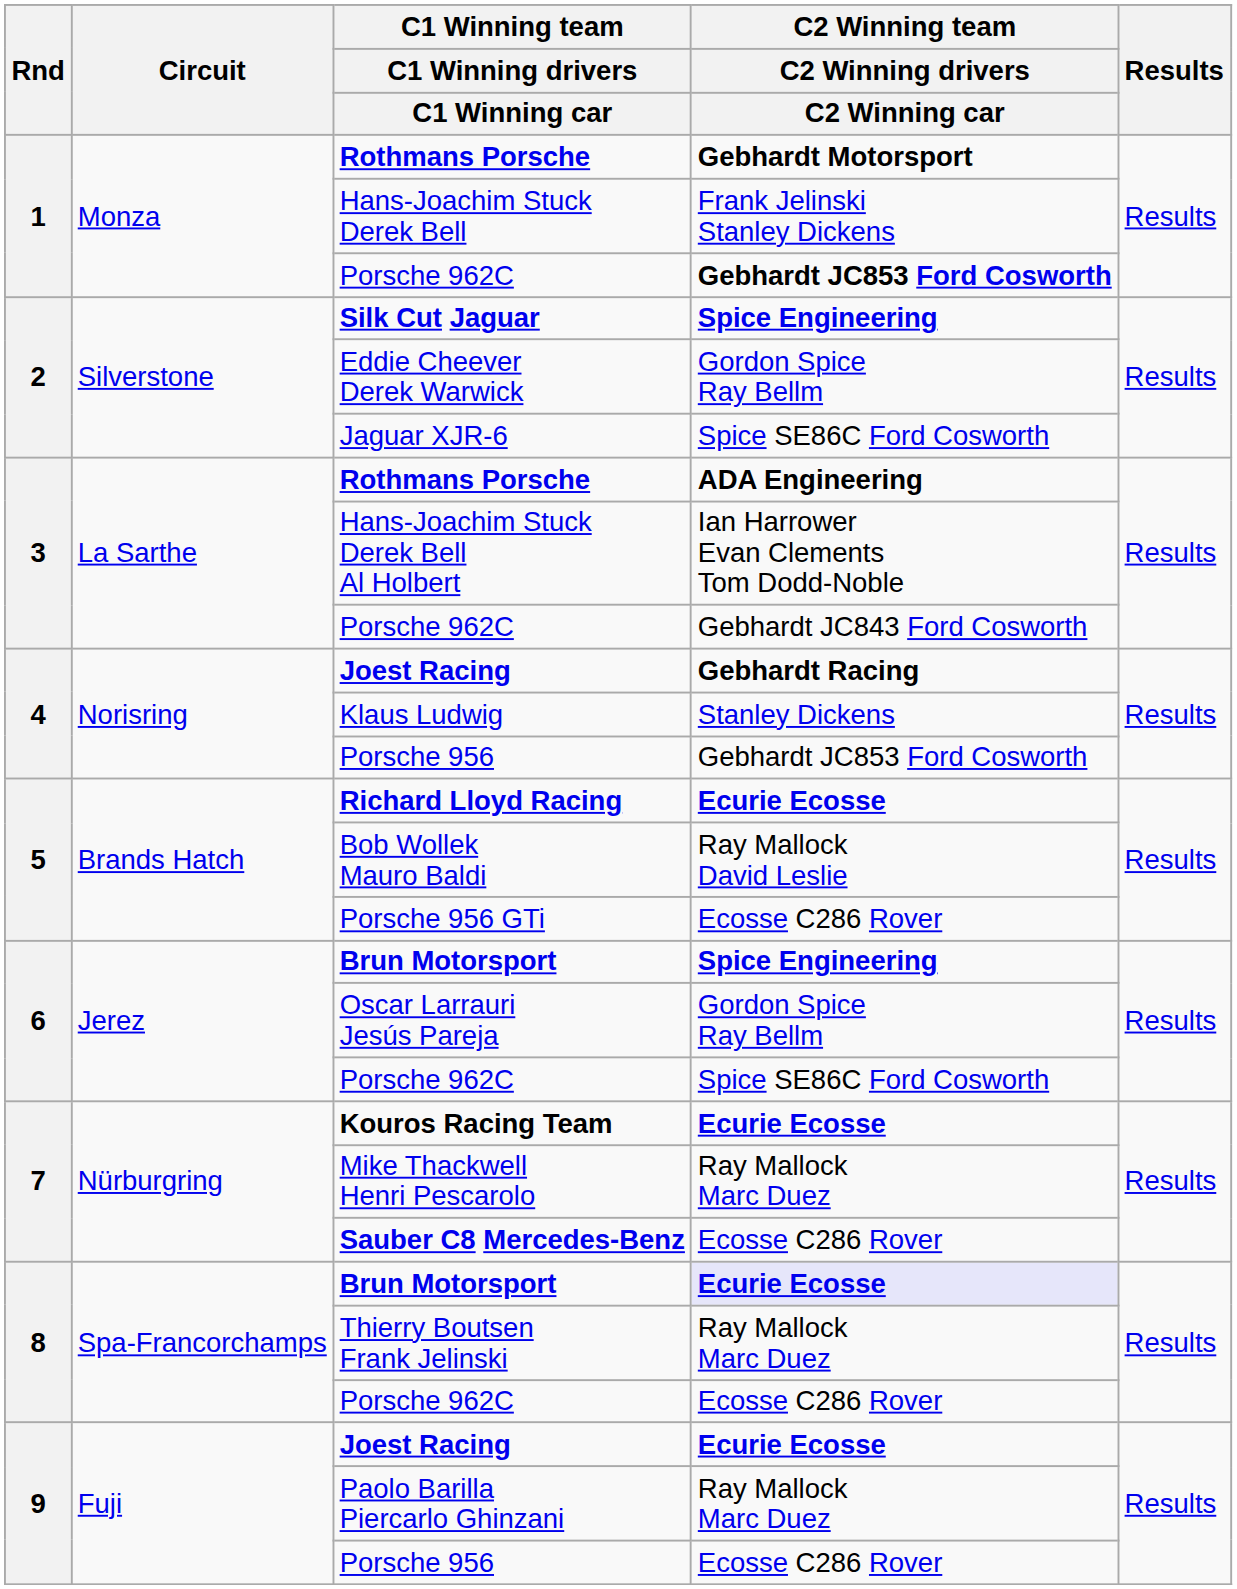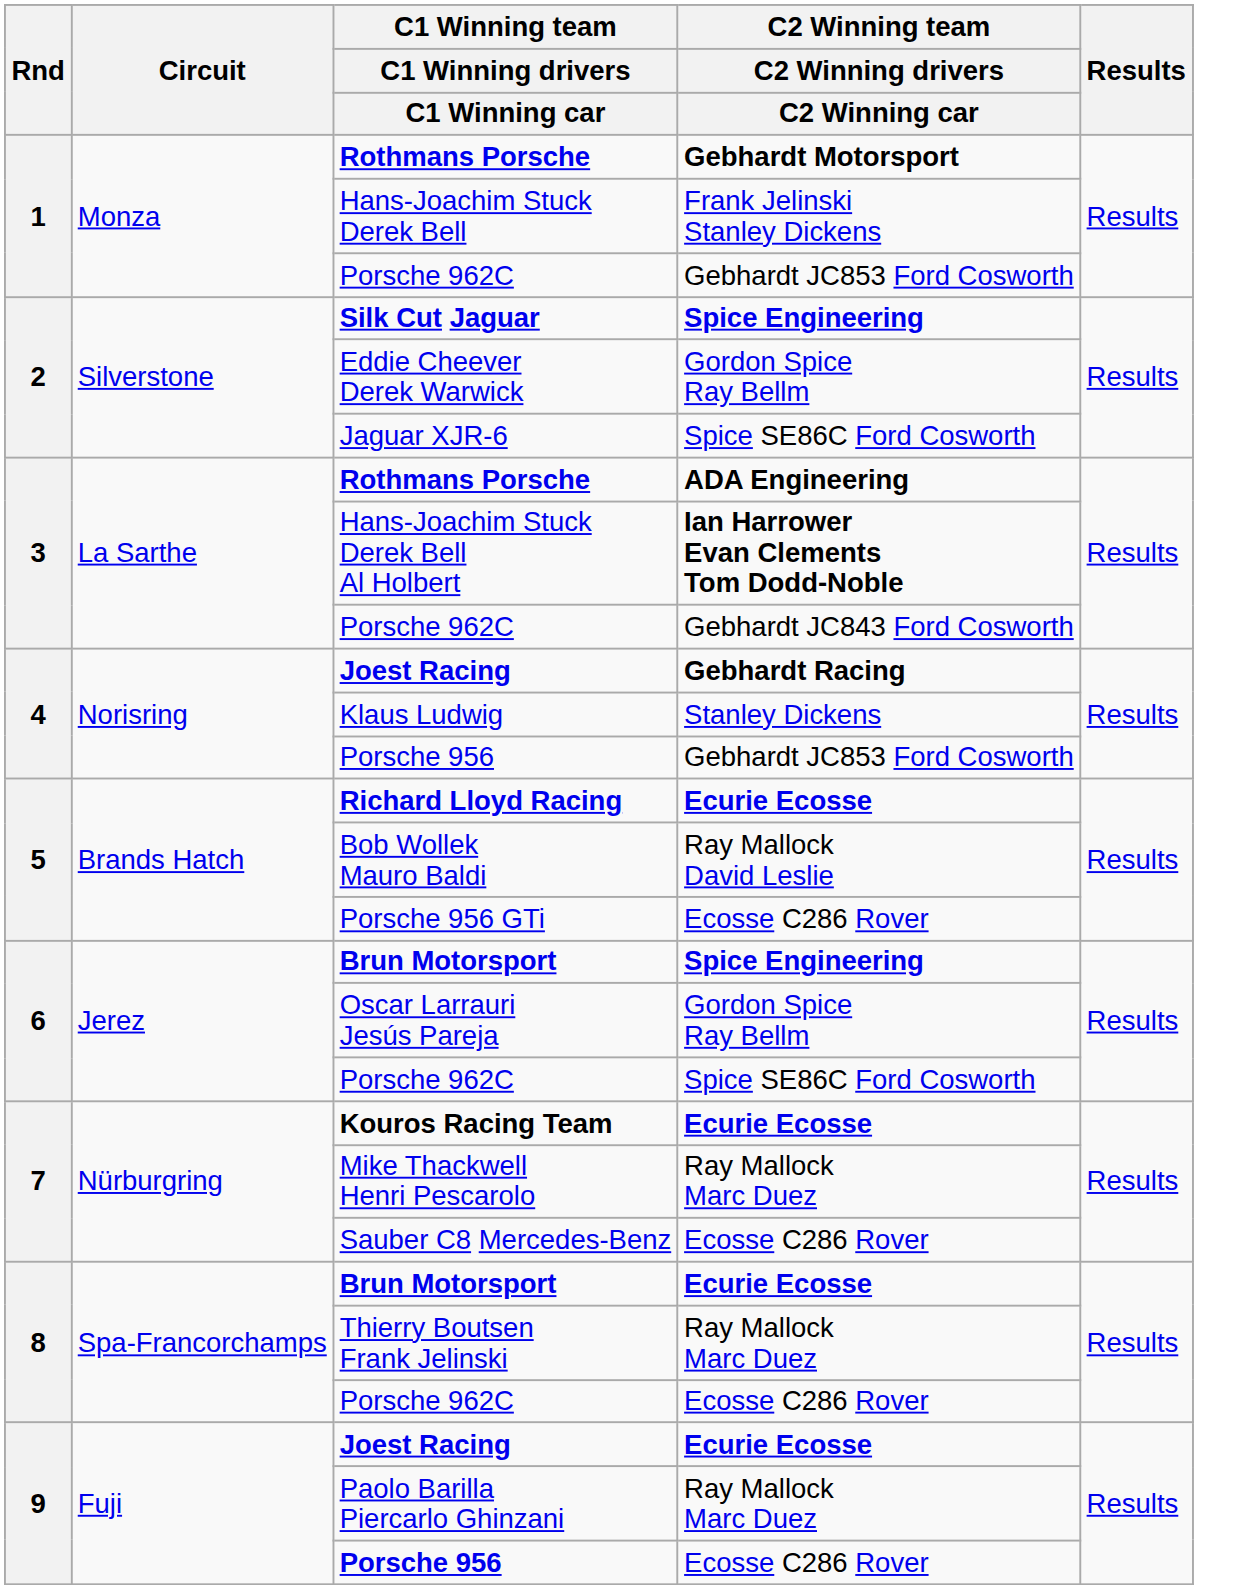 <table class="wikitable" style="font-size: 90%;">
 <tr>
 <th rowspan=3>Rnd</th>
 <th rowspan=3>Circuit</th>
 <th>C1 Winning team</th>
 <th>C2 Winning team</th>
 <th rowspan=3>Results</th>
 </tr>
 <tr>
 <th>C1 Winning drivers</th>
 <th>C2 Winning drivers</th>
 </tr>
 <tr>
 <th>C1 Winning car</th>
 <th>C2 Winning car</th>
 </tr>
 <tr>
 <th rowspan=3>1</th>
 <td rowspan=3><a href='#'>Monza</a></td>
 <td><strong> <a href='#'>Rothmans Porsche</a></strong></td>
 <td><strong> Gebhardt Motorsport</strong></td>
 <td rowspan=3><a href='#'>Results</a></td>
 </tr>
 <tr>
 <td> <a href='#'>Hans-Joachim Stuck</a><br> <a href='#'>Derek Bell</a></td>
 <td> <a href='#'>Frank Jelinski</a><br> <a href='#'>Stanley Dickens</a></td>
 </tr>
 <tr>
 <td><a href='#'>Porsche 962C</a></td>
-<td><strong>Gebhardt JC853 <a href='#'>Ford Cosworth</a></strong></td>
+<td>Gebhardt JC853 <a href='#'>Ford Cosworth</a></td>
 </tr>
 <tr>
 <th rowspan=3>2</th>
 <td rowspan=3><a href='#'>Silverstone</a></td>
 <td><strong> <a href='#'>Silk Cut</a> <a href='#'>Jaguar</a></strong></td>
 <td><strong> <a href='#'>Spice Engineering</a></strong></td>
 <td rowspan=3><a href='#'>Results</a></td>
 </tr>
 <tr>
 <td> <a href='#'>Eddie Cheever</a><br> <a href='#'>Derek Warwick</a></td>
 <td> <a href='#'>Gordon Spice</a><br> <a href='#'>Ray Bellm</a></td>
 </tr>
 <tr>
 <td><a href='#'>Jaguar XJR-6</a></td>
 <td><a href='#'>Spice</a> SE86C <a href='#'>Ford Cosworth</a></td>
 </tr>
 <tr>
 <th rowspan=3>3</th>
 <td rowspan=3><a href='#'>La Sarthe</a></td>
 <td><strong> <a href='#'>Rothmans Porsche</a></strong></td>
 <td><strong> ADA Engineering</strong></td>
 <td rowspan=3><a href='#'>Results</a></td>
 </tr>
 <tr>
 <td> <a href='#'>Hans-Joachim Stuck</a><br> <a href='#'>Derek Bell</a><br> <a href='#'>Al Holbert</a></td>
-<td> Ian Harrower<br> Evan Clements<br> Tom Dodd-Noble</td>
+<td><strong> Ian Harrower<br> Evan Clements<br> Tom Dodd-Noble</strong></td>
 </tr>
 <tr>
 <td><a href='#'>Porsche 962C</a></td>
 <td>Gebhardt JC843 <a href='#'>Ford Cosworth</a></td>
 </tr>
 <tr>
 <th rowspan=3>4</th>
 <td rowspan=3><a href='#'>Norisring</a></td>
 <td><strong> <a href='#'>Joest Racing</a></strong></td>
 <td><strong> Gebhardt Racing</strong></td>
 <td rowspan=3><a href='#'>Results</a></td>
 </tr>
 <tr>
 <td> <a href='#'>Klaus Ludwig</a></td>
 <td> <a href='#'>Stanley Dickens</a></td>
 </tr>
 <tr>
 <td><a href='#'>Porsche 956</a></td>
 <td>Gebhardt JC853 <a href='#'>Ford Cosworth</a></td>
 </tr>
 <tr>
 <th rowspan=3>5</th>
 <td rowspan=3><a href='#'>Brands Hatch</a></td>
 <td><strong> <a href='#'>Richard Lloyd Racing</a></strong></td>
 <td><strong> <a href='#'>Ecurie Ecosse</a></strong></td>
 <td rowspan=3><a href='#'>Results</a></td>
 </tr>
 <tr>
 <td> <a href='#'>Bob Wollek</a><br> <a href='#'>Mauro Baldi</a></td>
 <td> Ray Mallock<br> <a href='#'>David Leslie</a></td>
 </tr>
 <tr>
 <td><a href='#'>Porsche 956 GTi</a></td>
 <td><a href='#'>Ecosse</a> C286 <a href='#'>Rover</a></td>
 </tr>
 <tr>
 <th rowspan=3>6</th>
 <td rowspan=3><a href='#'>Jerez</a></td>
 <td><strong> <a href='#'>Brun Motorsport</a></strong></td>
 <td><strong> <a href='#'>Spice Engineering</a></strong></td>
 <td rowspan=3><a href='#'>Results</a></td>
 </tr>
 <tr>
 <td> <a href='#'>Oscar Larrauri</a><br> <a href='#'>Jesús Pareja</a></td>
 <td> <a href='#'>Gordon Spice</a><br> <a href='#'>Ray Bellm</a></td>
 </tr>
 <tr>
 <td><a href='#'>Porsche 962C</a></td>
 <td><a href='#'>Spice</a> SE86C <a href='#'>Ford Cosworth</a></td>
 </tr>
 <tr>
 <th rowspan=3>7</th>
 <td rowspan=3><a href='#'>Nürburgring</a></td>
 <td><strong> Kouros Racing Team</strong></td>
 <td><strong> <a href='#'>Ecurie Ecosse</a></strong></td>
 <td rowspan=3><a href='#'>Results</a></td>
 </tr>
 <tr>
 <td> <a href='#'>Mike Thackwell</a><br> <a href='#'>Henri Pescarolo</a></td>
 <td> Ray Mallock<br> <a href='#'>Marc Duez</a></td>
 </tr>
 <tr>
-<td><strong><a href='#'>Sauber C8</a> <a href='#'>Mercedes-Benz</a></strong></td>
+<td><a href='#'>Sauber C8</a> <a href='#'>Mercedes-Benz</a></td>
 <td><a href='#'>Ecosse</a> C286 <a href='#'>Rover</a></td>
 </tr>
 <tr>
 <th rowspan=3>8</th>
 <td rowspan=3><a href='#'>Spa-Francorchamps</a></td>
 <td><strong> <a href='#'>Brun Motorsport</a></strong></td>
-<td style="background: lavender;"><strong> <a href='#'>Ecurie Ecosse</a></strong></td>
+<td><strong> <a href='#'>Ecurie Ecosse</a></strong></td>
 <td rowspan=3><a href='#'>Results</a></td>
 </tr>
 <tr>
 <td> <a href='#'>Thierry Boutsen</a><br> <a href='#'>Frank Jelinski</a></td>
 <td> Ray Mallock<br> <a href='#'>Marc Duez</a></td>
 </tr>
 <tr>
 <td><a href='#'>Porsche 962C</a></td>
 <td><a href='#'>Ecosse</a> C286 <a href='#'>Rover</a></td>
 </tr>
 <tr>
 <th rowspan=3>9</th>
 <td rowspan=3><a href='#'>Fuji</a></td>
 <td><strong> <a href='#'>Joest Racing</a></strong></td>
 <td><strong> <a href='#'>Ecurie Ecosse</a></strong></td>
 <td rowspan=3><a href='#'>Results</a></td>
 </tr>
 <tr>
 <td> <a href='#'>Paolo Barilla</a><br> <a href='#'>Piercarlo Ghinzani</a></td>
 <td> Ray Mallock<br> <a href='#'>Marc Duez</a></td>
 </tr>
 <tr>
-<td><a href='#'>Porsche 956</a></td>
+<td><strong><a href='#'>Porsche 956</a></strong></td>
 <td><a href='#'>Ecosse</a> C286 <a href='#'>Rover</a></td>
 </tr>
 <tr>
 </tr>
 </table>
